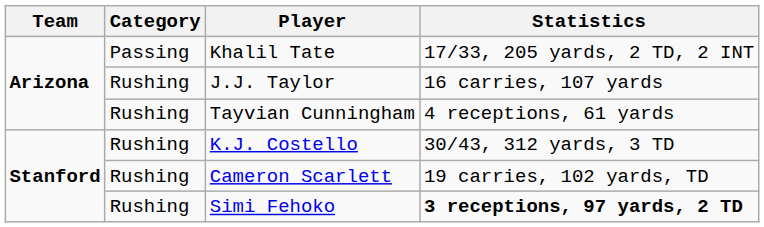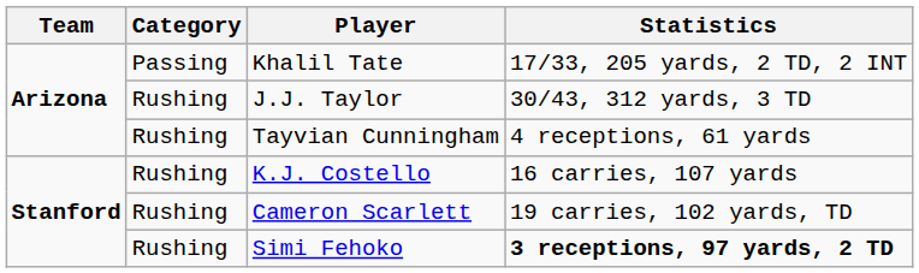 <table class="wikitable" style="float: right;">
 <tr>
 <th>Team</th>
 <th>Category</th>
 <th>Player</th>
 <th>Statistics</th>
 </tr>
 <tr>
 <td rowspan=3><strong>Arizona</strong></td>
 <td>Passing</td>
 <td>Khalil Tate</td>
 <td>17/33, 205 yards, 2 TD, 2 INT</td>
 </tr>
 <tr>
 <td>Rushing</td>
 <td>J.J. Taylor</td>
-<td>16 carries, 107 yards</td>
+<td>30/43, 312 yards, 3 TD</td>
 </tr>
 <tr>
 <td>Rushing</td>
 <td>Tayvian Cunningham</td>
 <td>4 receptions, 61 yards</td>
 </tr>
 <tr>
 <td rowspan=3><strong>Stanford</strong></td>
 <td>Rushing</td>
 <td><a href='#'>K.J. Costello</a></td>
-<td>30/43, 312 yards, 3 TD</td>
+<td>16 carries, 107 yards</td>
 </tr>
 <tr>
 <td>Rushing</td>
 <td><a href='#'>Cameron Scarlett</a></td>
 <td>19 carries, 102 yards, TD</td>
 </tr>
 <tr>
 <td>Rushing</td>
 <td><a href='#'>Simi Fehoko</a></td>
 <td><strong>3 receptions, 97 yards, 2 TD</strong></td>
 </tr>
 </table>
